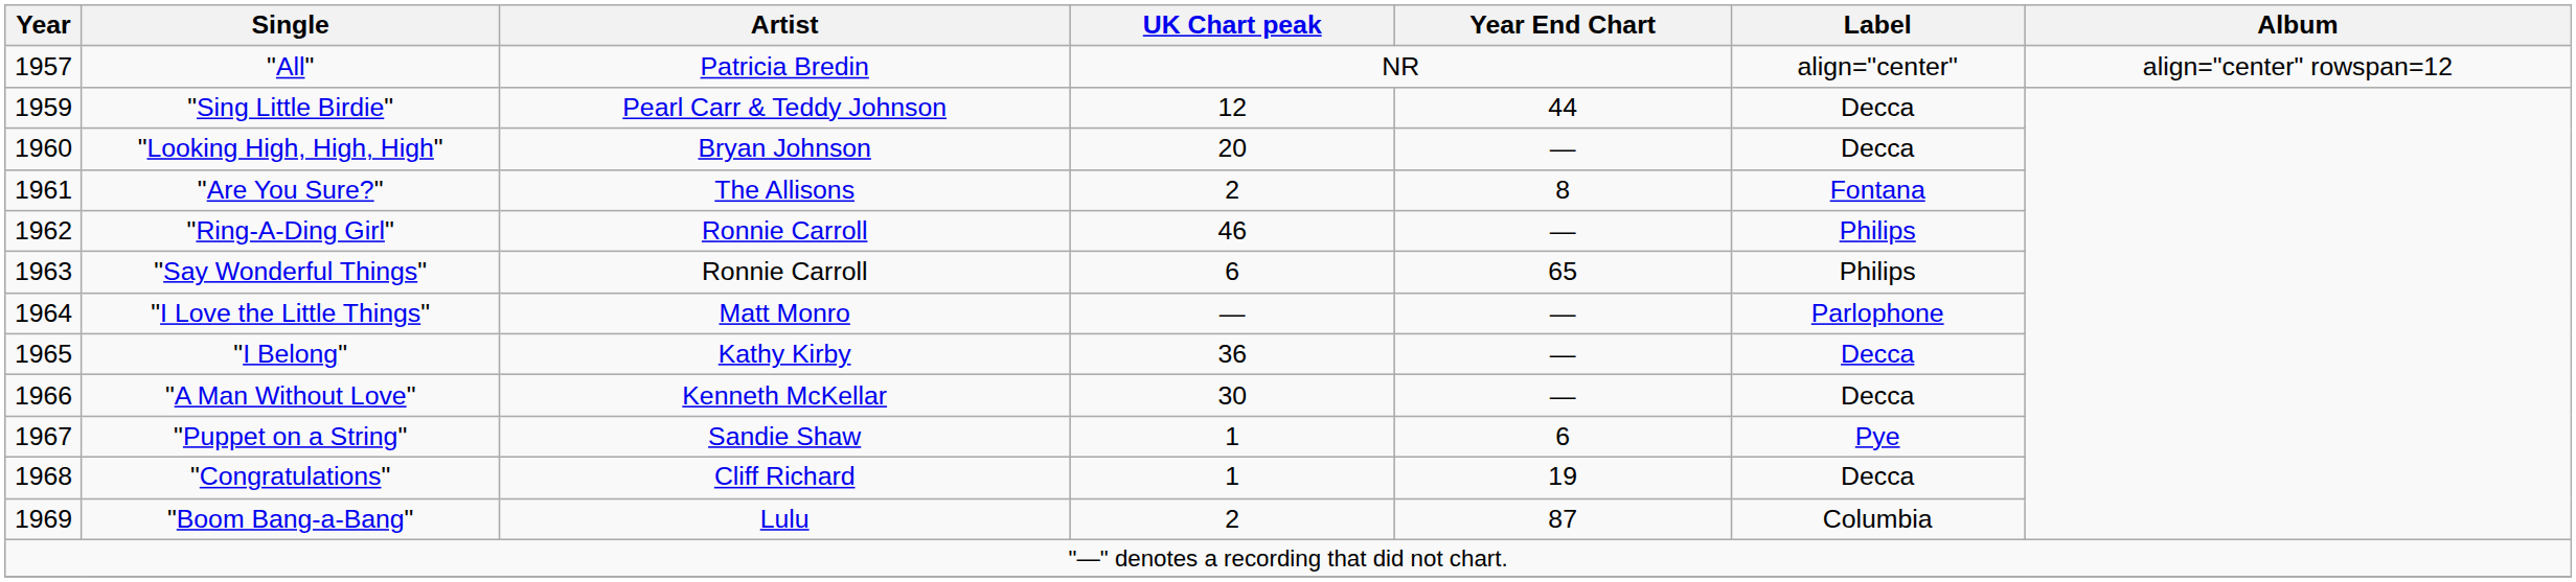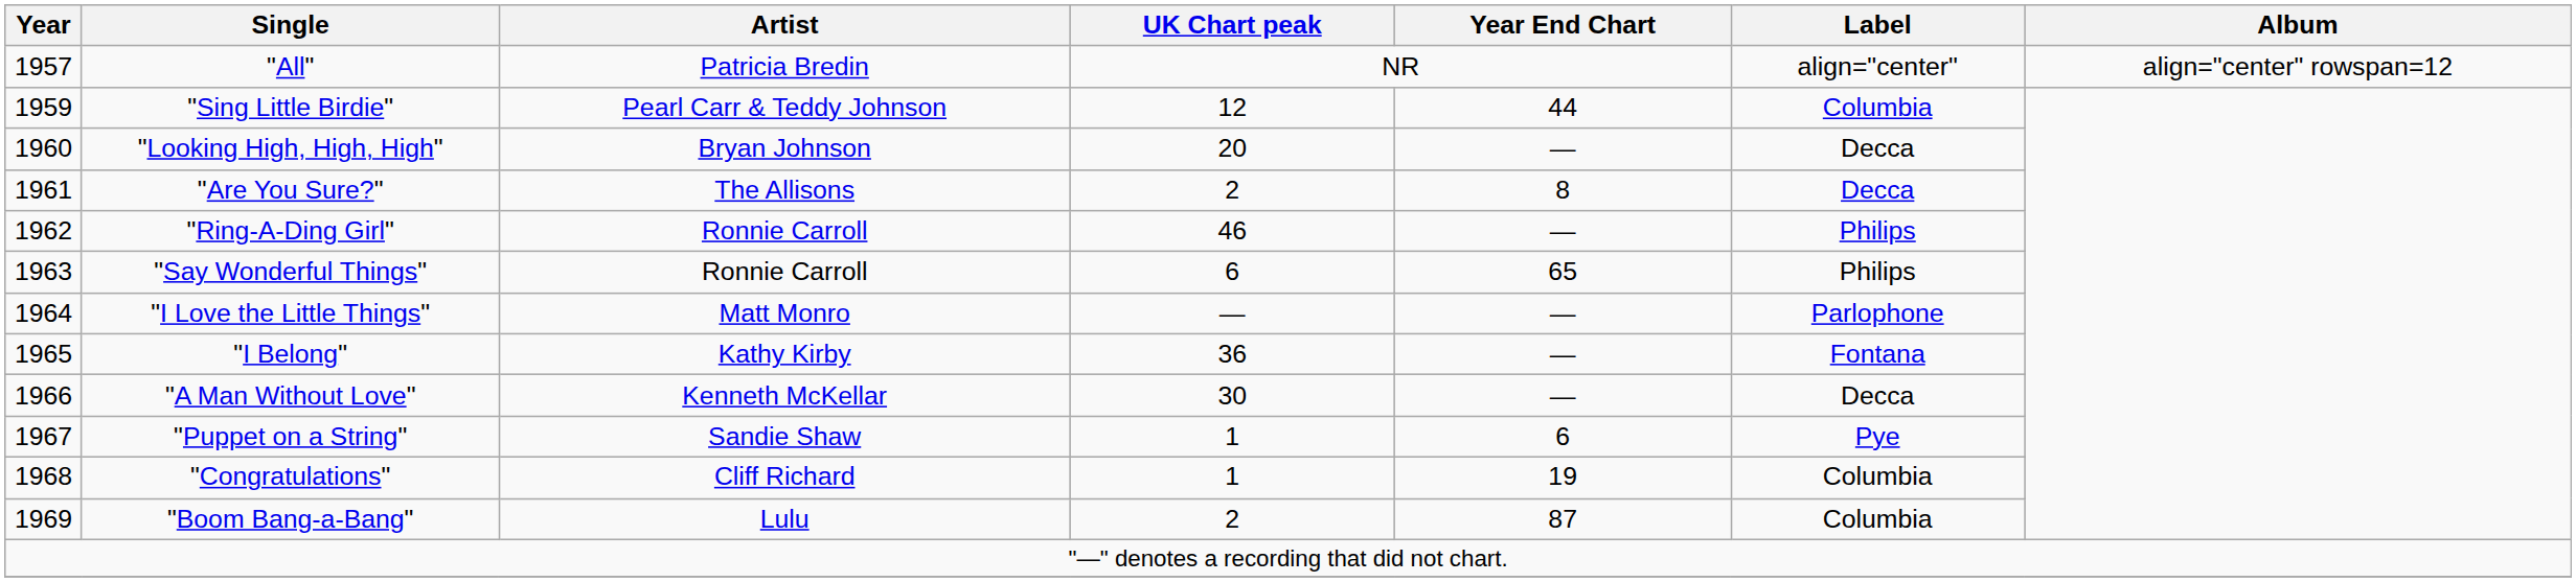 <table class="wikitable" style="text-align:center;width:100%;">
 <tr>
 <th width="40">Year</th>
 <th width="250">Single</th>
 <th>Artist</th>
 <th><a href='#'>UK Chart peak</a></th>
 <th>Year End Chart</th>
 <th>Label</th>
 <th>Album</th>
 </tr>
 <tr>
 <td align="center">1957</td>
 <td align="center">"<a href='#'>All</a>"</td>
 <td align="center"><a href='#'>Patricia Bredin</a></td>
 <td colspan=2 align="center">NR</td>
 <td>align="center" </td>
 <td>align="center" rowspan=12 </td>
 </tr>
 <tr>
 <td align="center">1959</td>
 <td align="center">"<a href='#'>Sing Little Birdie</a>"</td>
 <td align="center"><a href='#'>Pearl Carr & Teddy Johnson</a></td>
 <td align="center">12</td>
 <td align="center">44</td>
-<td align="center">Decca</td>
+<td align="center"><a href='#'>Columbia</a></td>
 </tr>
 <tr>
 <td align="center">1960</td>
 <td align="center">"<a href='#'>Looking High, High, High</a>"</td>
 <td align="center"><a href='#'>Bryan Johnson</a></td>
 <td align="center">20</td>
 <td align="center">—</td>
 <td align="center">Decca</td>
 </tr>
 <tr>
 <td align="center">1961</td>
 <td align="center">"<a href='#'>Are You Sure?</a>"</td>
 <td align="center"><a href='#'>The Allisons</a></td>
 <td align="center">2</td>
 <td align="center">8</td>
-<td align="center"><a href='#'>Fontana</a></td>
+<td align="center"><a href='#'>Decca</a></td>
 </tr>
 <tr>
 <td align="center">1962</td>
 <td align="center">"<a href='#'>Ring-A-Ding Girl</a>"</td>
 <td align="center"><a href='#'>Ronnie Carroll</a></td>
 <td align="center">46</td>
 <td align="center">—</td>
 <td align="center"><a href='#'>Philips</a></td>
 </tr>
 <tr>
 <td align="center">1963</td>
 <td align="center">"<a href='#'>Say Wonderful Things</a>"</td>
 <td align="center">Ronnie Carroll</td>
 <td align="center">6</td>
 <td align="center">65</td>
 <td align="center">Philips</td>
 </tr>
 <tr>
 <td align="center">1964</td>
 <td align="center">"<a href='#'>I Love the Little Things</a>"</td>
 <td align="center"><a href='#'>Matt Monro</a></td>
 <td align="center">—</td>
 <td align="center">—</td>
 <td align="center"><a href='#'>Parlophone</a></td>
 </tr>
 <tr>
 <td align="center">1965</td>
 <td align="center">"<a href='#'>I Belong</a>"</td>
 <td align="center"><a href='#'>Kathy Kirby</a></td>
 <td align="center">36</td>
 <td align="center">—</td>
-<td align="center"><a href='#'>Decca</a></td>
+<td align="center"><a href='#'>Fontana</a></td>
 </tr>
 <tr>
 <td align="center">1966</td>
 <td align="center">"<a href='#'>A Man Without Love</a>"</td>
 <td align="center"><a href='#'>Kenneth McKellar</a></td>
 <td align="center">30</td>
 <td align="center">—</td>
 <td align="center">Decca</td>
 </tr>
 <tr>
 <td align="center">1967</td>
 <td align="center">"<a href='#'>Puppet on a String</a>"</td>
 <td align="center"><a href='#'>Sandie Shaw</a></td>
 <td align="center">1</td>
 <td align="center">6</td>
 <td align="center"><a href='#'>Pye</a></td>
 </tr>
 <tr>
 <td align="center">1968</td>
 <td align="center">"<a href='#'>Congratulations</a>"</td>
 <td align="center"><a href='#'>Cliff Richard</a></td>
 <td align="center">1</td>
 <td align="center">19</td>
-<td align="center">Decca</td>
+<td align="center">Columbia</td>
 </tr>
 <tr>
 <td align="center">1969</td>
 <td align="center">"<a href='#'>Boom Bang-a-Bang</a>"</td>
 <td align="center"><a href='#'>Lulu</a></td>
 <td align="center">2</td>
 <td align="center">87</td>
 <td align="center">Columbia</td>
 </tr>
 <tr>
 <td colspan="7" style="font-size:90%">"—" denotes a recording that did not chart.</td>
 </tr>
 <tr>
 </tr>
 </table>
